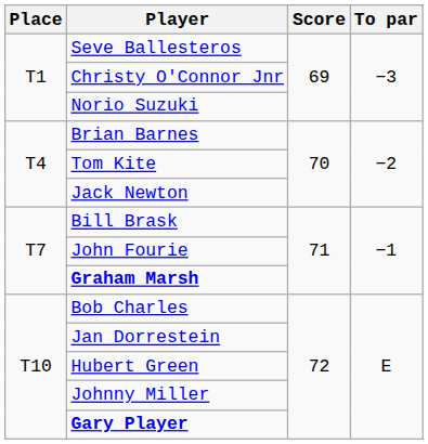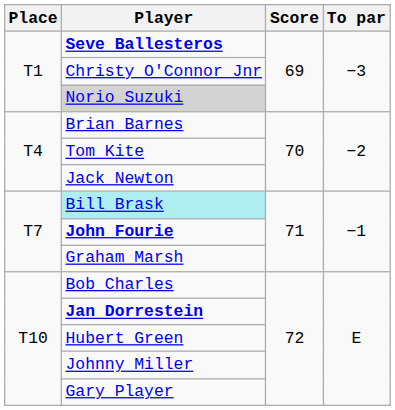 <table class="wikitable">
 <tr>
 <th>Place</th>
 <th>Player</th>
 <th>Score</th>
 <th>To par</th>
 </tr>
 <tr>
 <td rowspan="3" align=center>T1</td>
-<td> <a href='#'>Seve Ballesteros</a></td>
+<td><strong> <a href='#'>Seve Ballesteros</a></strong></td>
 <td rowspan="3" align=center>69</td>
 <td rowspan="3" align=center>−3</td>
 </tr>
 <tr>
 <td> <a href='#'>Christy O'Connor Jnr</a></td>
 </tr>
 <tr>
-<td> <a href='#'>Norio Suzuki</a></td>
+<td style="background: lightgrey;"> <a href='#'>Norio Suzuki</a></td>
 </tr>
 <tr>
 <td rowspan="3" align=center>T4</td>
 <td> <a href='#'>Brian Barnes</a></td>
 <td rowspan="3" align=center>70</td>
 <td rowspan="3" align=center>−2</td>
 </tr>
 <tr>
 <td> <a href='#'>Tom Kite</a></td>
 </tr>
 <tr>
 <td> <a href='#'>Jack Newton</a></td>
 </tr>
 <tr>
 <td rowspan="3" align=center>T7</td>
-<td> <a href='#'>Bill Brask</a></td>
+<td style="background: paleturquoise;"> <a href='#'>Bill Brask</a></td>
 <td rowspan="3" align=center>71</td>
 <td rowspan="3" align=center>−1</td>
 </tr>
 <tr>
-<td> <a href='#'>John Fourie</a></td>
+<td><strong> <a href='#'>John Fourie</a></strong></td>
 </tr>
 <tr>
-<td><strong> <a href='#'>Graham Marsh</a></strong></td>
+<td> <a href='#'>Graham Marsh</a></td>
 </tr>
 <tr>
 <td rowspan="5" align=center>T10</td>
 <td> <a href='#'>Bob Charles</a></td>
 <td rowspan="5" align=center>72</td>
 <td rowspan="5" align=center>E</td>
 </tr>
 <tr>
-<td> <a href='#'>Jan Dorrestein</a></td>
+<td><strong> <a href='#'>Jan Dorrestein</a></strong></td>
 </tr>
 <tr>
 <td> <a href='#'>Hubert Green</a></td>
 </tr>
 <tr>
 <td> <a href='#'>Johnny Miller</a></td>
 </tr>
 <tr>
-<td><strong> <a href='#'>Gary Player</a></strong></td>
+<td> <a href='#'>Gary Player</a></td>
 </tr>
 </table>
